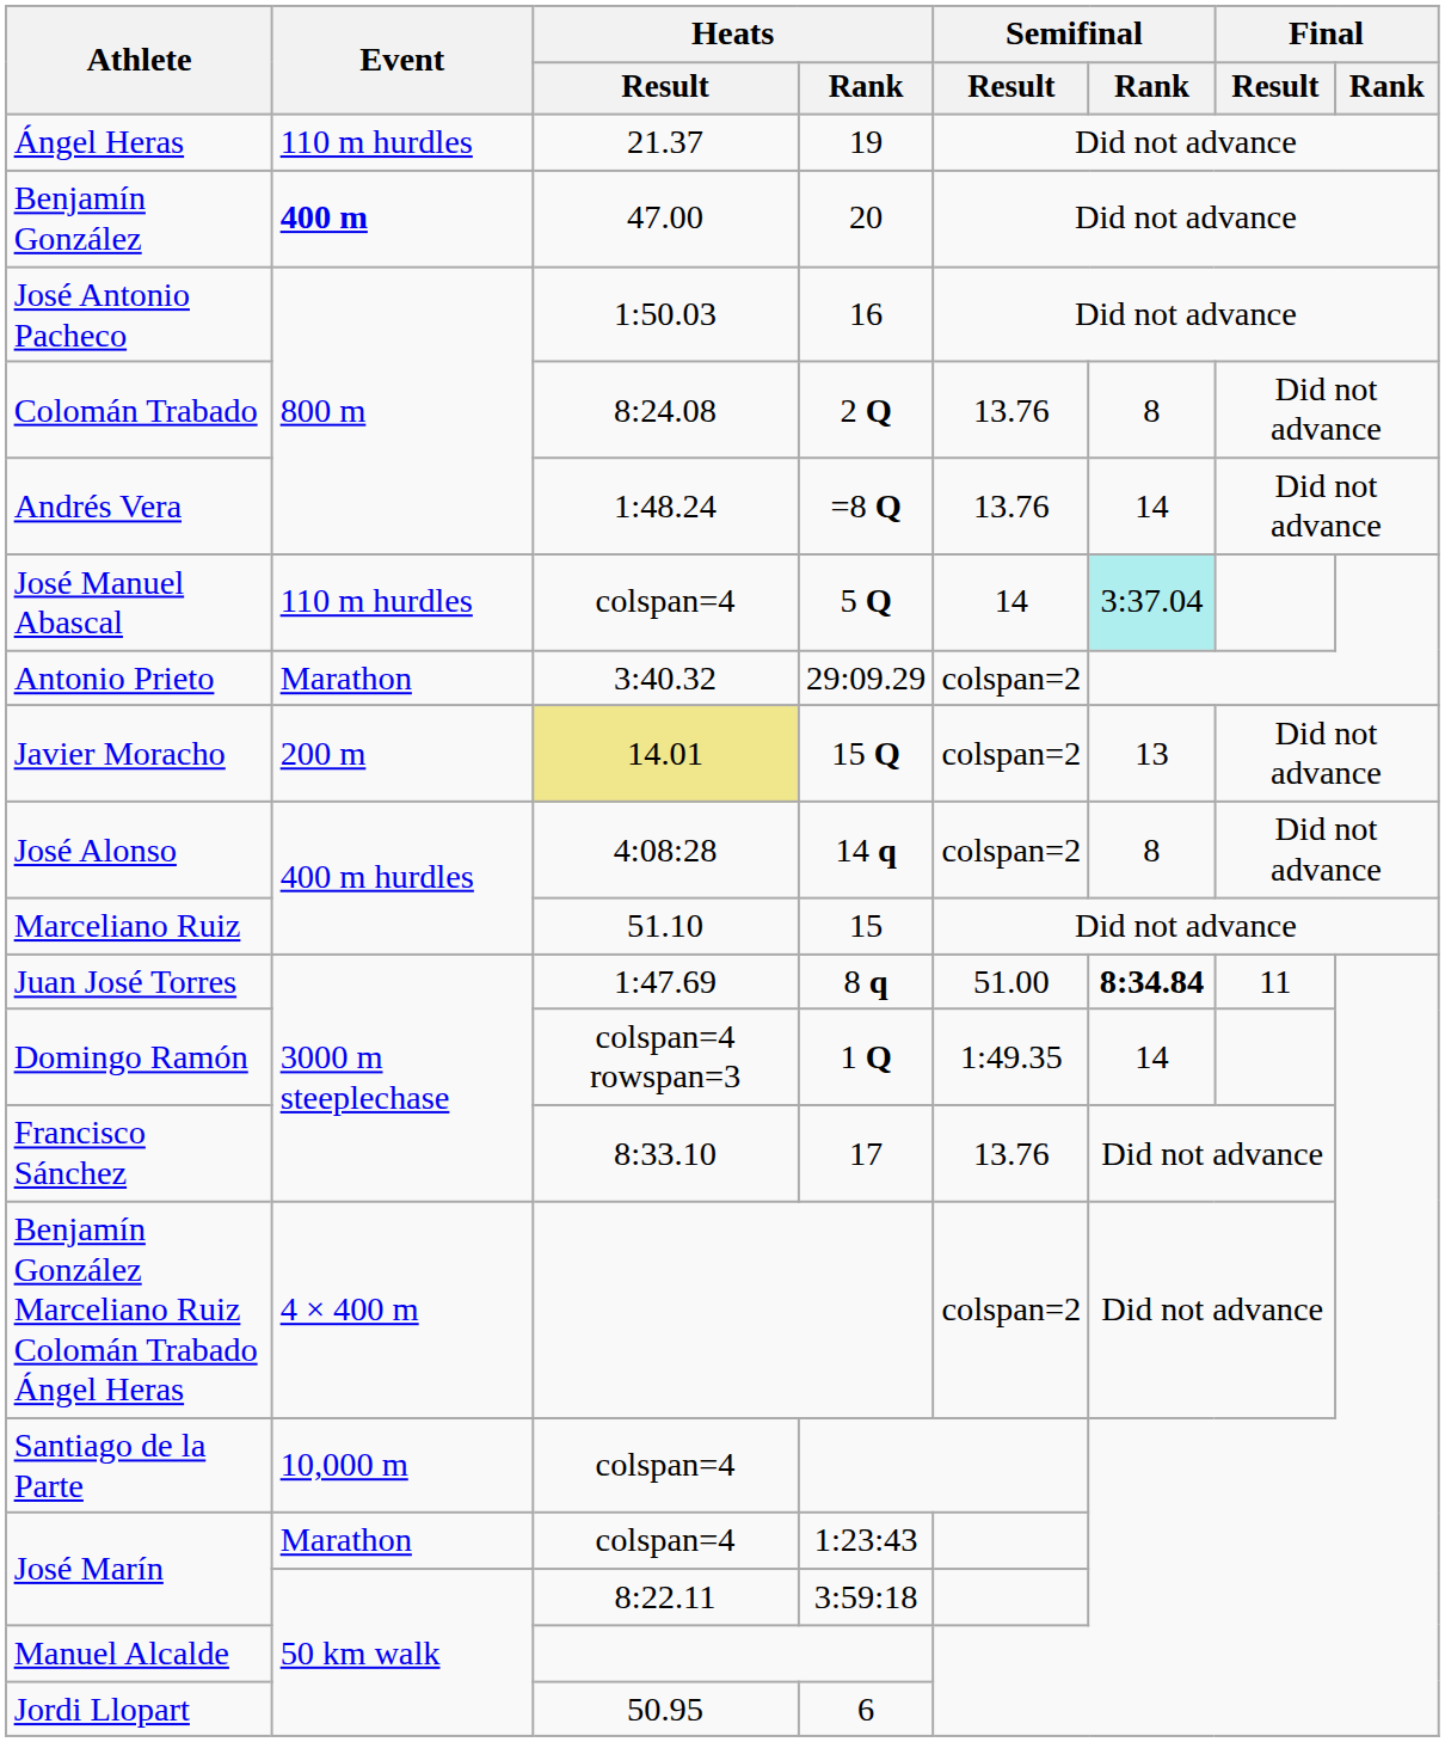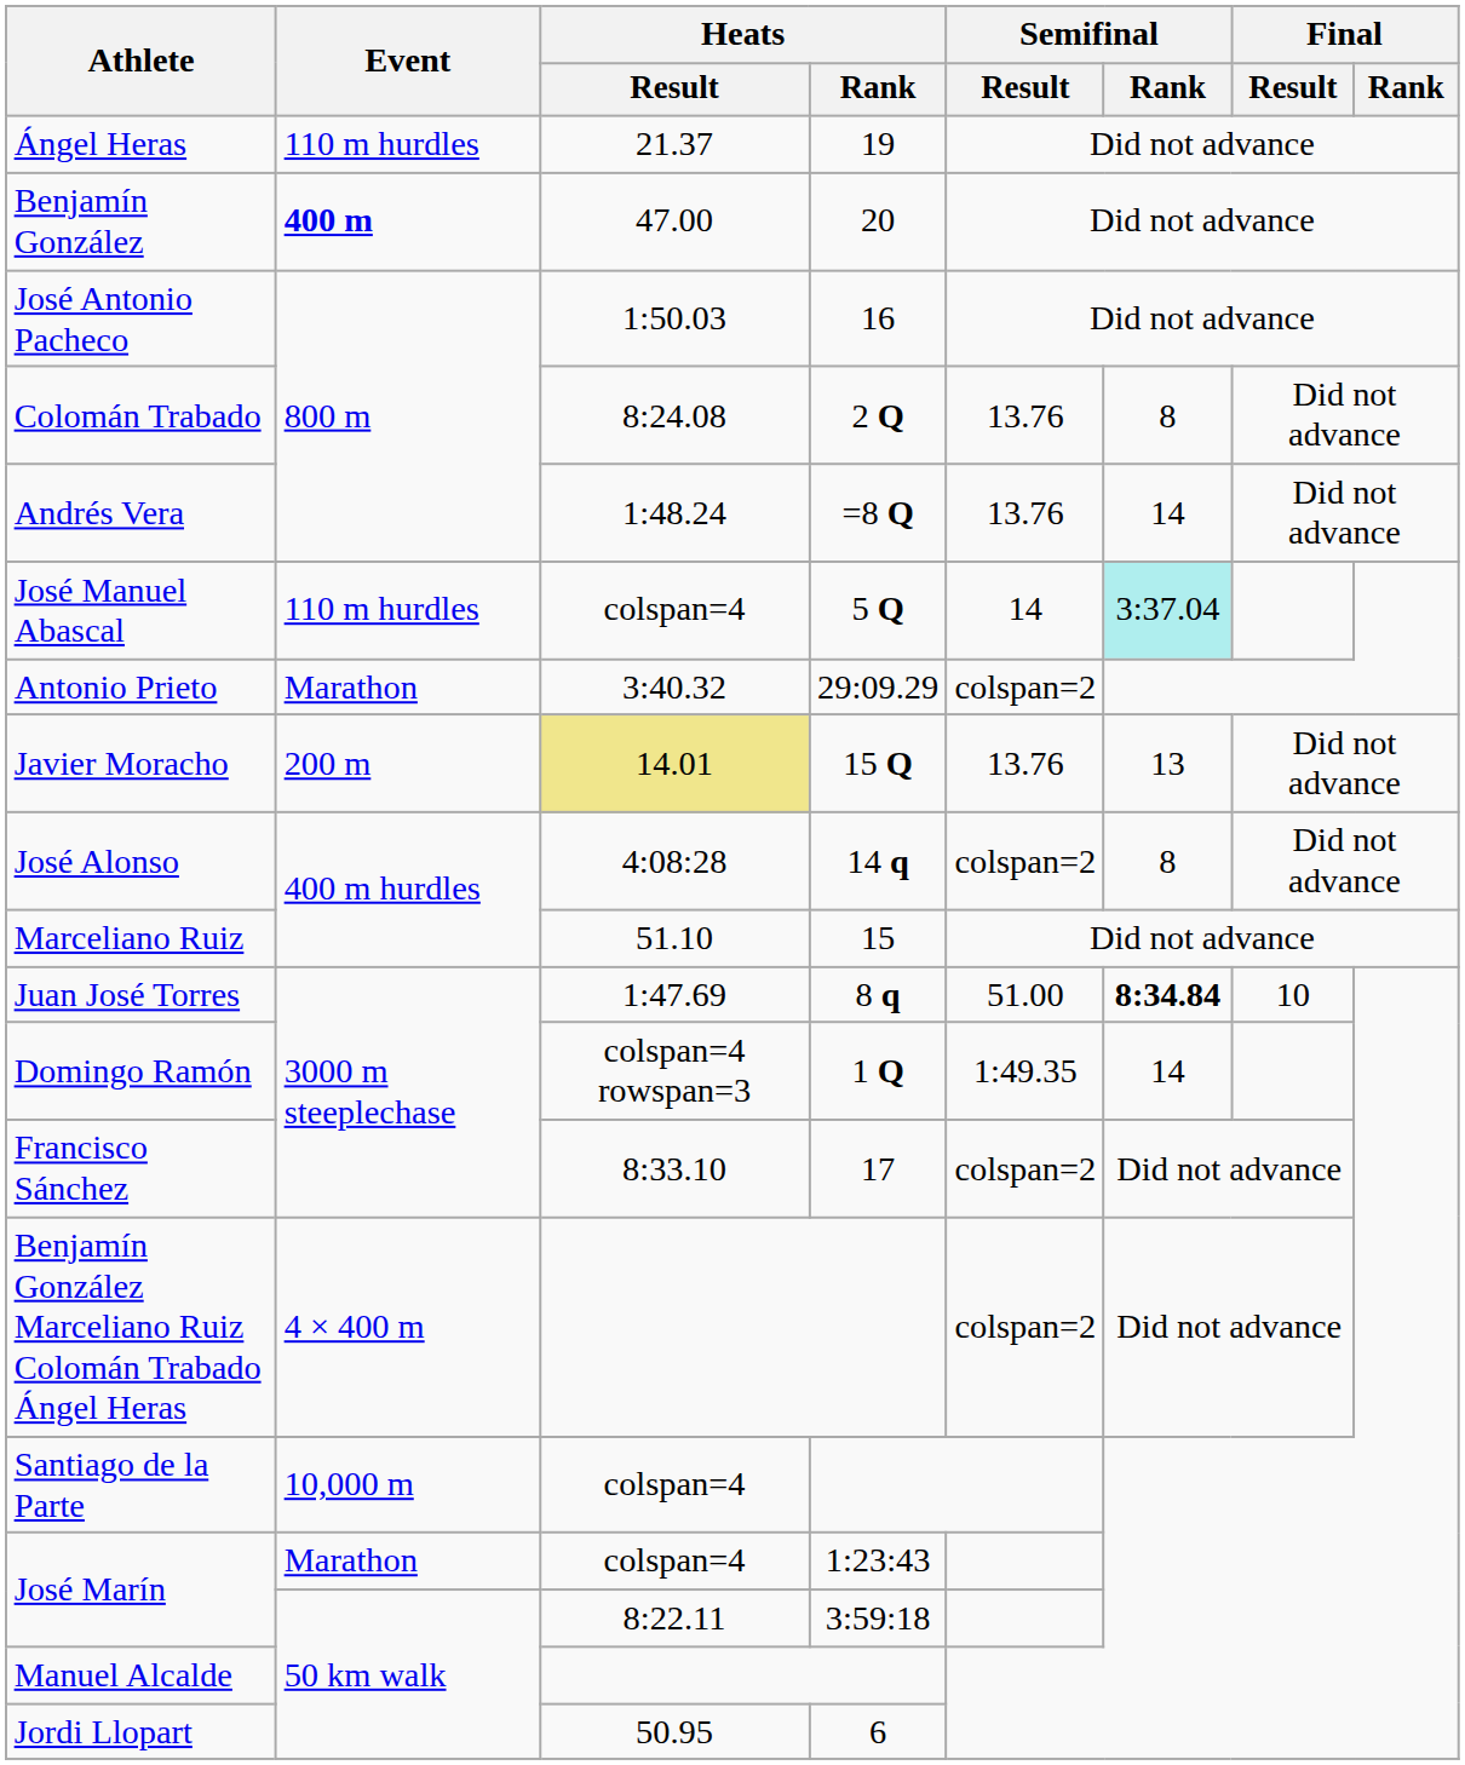 <table class="wikitable" style="font-size:90%">
 <tr>
 <th rowspan="2">Athlete</th>
 <th rowspan="2">Event</th>
 <th colspan="2">Heats</th>
 <th colspan="2">Semifinal</th>
 <th colspan="2">Final</th>
 </tr>
 <tr style="font-size:95%">
 <th>Result</th>
 <th>Rank</th>
 <th>Result</th>
 <th>Rank</th>
 <th>Result</th>
 <th>Rank</th>
 </tr>
 <tr align=center>
 <td align=left><a href='#'>Ángel Heras</a></td>
 <td align=left><a href='#'>110 m hurdles</a></td>
 <td>21.37</td>
 <td>19</td>
 <td colspan=4>Did not advance</td>
 </tr>
 <tr align=center>
 <td align=left><a href='#'>Benjamín González</a></td>
 <td align=left><strong><a href='#'>400 m</a></strong></td>
 <td>47.00</td>
 <td>20</td>
 <td colspan=4>Did not advance</td>
 </tr>
 <tr align=center>
 <td align=left><a href='#'>José Antonio Pacheco</a></td>
 <td align=left rowspan=3><a href='#'>800 m</a></td>
 <td>1:50.03</td>
 <td>16</td>
 <td colspan=4>Did not advance</td>
 </tr>
 <tr align=center>
 <td align=left><a href='#'>Colomán Trabado</a></td>
 <td>8:24.08</td>
 <td>2 <strong>Q</strong></td>
 <td>13.76</td>
 <td>8</td>
 <td colspan=2>Did not advance</td>
 </tr>
 <tr align=center>
 <td align=left><a href='#'>Andrés Vera</a></td>
 <td>1:48.24</td>
 <td>=8 <strong>Q</strong></td>
 <td>13.76</td>
 <td>14</td>
 <td colspan=2>Did not advance</td>
 </tr>
 <tr align=center>
 <td align=left><a href='#'>José Manuel Abascal</a></td>
 <td align=left><a href='#'>110 m hurdles</a></td>
 <td>colspan=4 </td>
 <td>5 <strong>Q</strong></td>
 <td>14</td>
 <td style="background: paleturquoise;">3:37.04</td>
 <td></td>
 </tr>
 <tr align=center>
 <td align=left><a href='#'>Antonio Prieto</a></td>
 <td align=left><a href='#'>Marathon</a></td>
 <td>3:40.32</td>
 <td>29:09.29</td>
 <td>colspan=2 </td>
 </tr>
 <tr align=center>
 <td align=left><a href='#'>Javier Moracho</a></td>
 <td align=left><a href='#'>200 m</a></td>
 <td style="background: khaki;">14.01</td>
 <td>15 <strong>Q</strong></td>
-<td>colspan=2 </td>
+<td>13.76</td>
 <td>13</td>
 <td colspan=2>Did not advance</td>
 </tr>
 <tr align=center>
 <td align=left><a href='#'>José Alonso</a></td>
 <td align=left rowspan=2><a href='#'>400 m hurdles</a></td>
 <td>4:08:28</td>
 <td>14 <strong>q</strong></td>
 <td>colspan=2 </td>
 <td>8</td>
 <td colspan=2>Did not advance</td>
 </tr>
 <tr align=center>
 <td align=left><a href='#'>Marceliano Ruiz</a></td>
 <td>51.10</td>
 <td>15</td>
 <td colspan=4>Did not advance</td>
 </tr>
 <tr align=center>
 <td align=left><a href='#'>Juan José Torres</a></td>
 <td align=left rowspan=3><a href='#'>3000 m steeplechase</a></td>
 <td>1:47.69</td>
 <td>8 <strong>q</strong></td>
 <td>51.00</td>
 <td><strong>8:34.84</strong></td>
-<td>11</td>
+<td>10</td>
 </tr>
 <tr align=center>
 <td align=left><a href='#'>Domingo Ramón</a></td>
 <td>colspan=4 rowspan=3 </td>
 <td>1 <strong>Q</strong></td>
 <td>1:49.35</td>
 <td>14</td>
 <td></td>
 </tr>
 <tr align=center>
 <td align=left><a href='#'>Francisco Sánchez</a></td>
 <td>8:33.10</td>
 <td>17</td>
-<td>13.76</td>
+<td>colspan=2 </td>
 <td colspan=2>Did not advance</td>
 </tr>
 <tr align=center>
 <td align=left><a href='#'>Benjamín González</a><br><a href='#'>Marceliano Ruiz</a><br><a href='#'>Colomán Trabado</a><br><a href='#'>Ángel Heras</a></td>
 <td align=left><a href='#'>4 × 400 m</a></td>
 <td colspan=2></td>
 <td>colspan=2 </td>
 <td colspan=2>Did not advance</td>
 </tr>
 <tr align=center>
 </tr>
 <tr align=center>
 <td align=left><a href='#'>Santiago de la Parte</a></td>
 <td align=left><a href='#'>10,000 m</a></td>
 <td>colspan=4 </td>
 <td colspan=2></td>
 </tr>
 <tr align=center>
 <td align=left rowspan=2><a href='#'>José Marín</a></td>
 <td align=left><a href='#'>Marathon</a></td>
 <td>colspan=4 </td>
 <td>1:23:43</td>
 <td></td>
 </tr>
 <tr align=center>
 <td align=left rowspan=3><a href='#'>50 km walk</a></td>
 <td>8:22.11</td>
 <td>3:59:18</td>
 <td></td>
 </tr>
 <tr align=center>
 <td align=left><a href='#'>Manuel Alcalde</a></td>
 <td colspan=2></td>
 </tr>
 <tr align=center>
 <td align=left><a href='#'>Jordi Llopart</a></td>
 <td>50.95</td>
 <td>6</td>
 </tr>
 </table>
